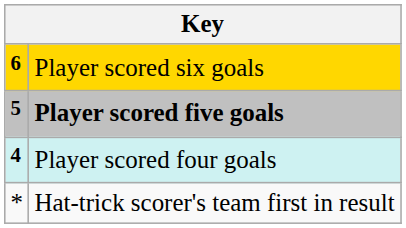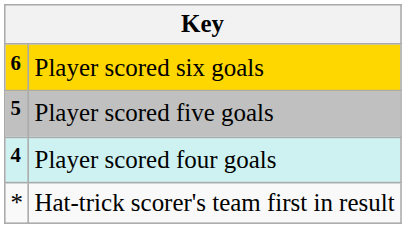 <table class="wikitable">
 <tr>
 <th colspan="2">Key</th>
 </tr>
 <tr>
 <td bgcolor=gold align="left"><sup><strong>6</strong></sup></td>
 <td bgcolor=gold align="left">Player scored six goals</td>
 </tr>
 <tr>
 <td bgcolor=silver align="left"><sup><strong>5</strong></sup></td>
-<td bgcolor=silver align="left"><strong>Player scored five goals</strong></td>
+<td bgcolor=silver align="left">Player scored five goals</td>
 </tr>
 <tr>
 <td bgcolor=#CEF2F2 align="left"><sup><strong>4</strong></sup></td>
 <td bgcolor=#CEF2F2 align="left">Player scored four goals</td>
 </tr>
 <tr>
 <td align="left">*</td>
 <td align="left">Hat-trick scorer's team first in result</td>
 </tr>
 </table>
